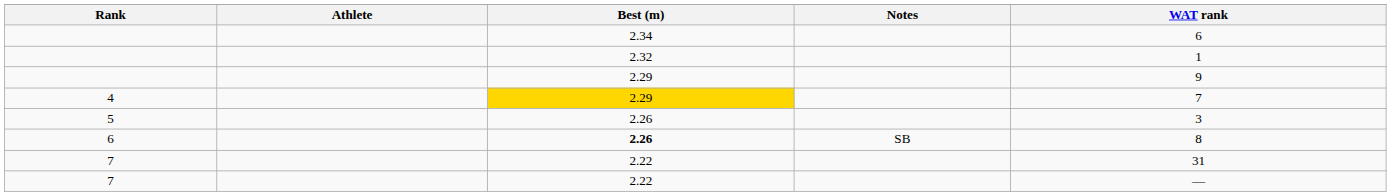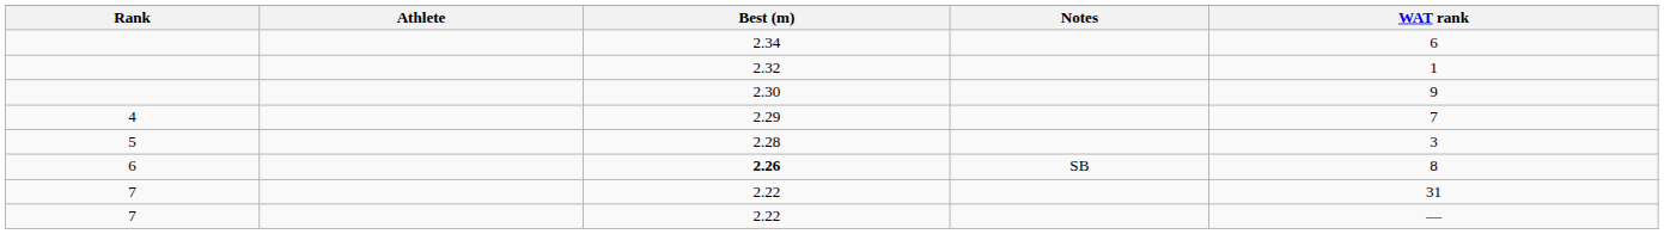 <table class="wikitable" width=85%>
 <tr>
 </tr>
 <tr>
 <th>Rank</th>
 <th>Athlete</th>
 <th>Best (m)</th>
 <th>Notes</th>
 <th><a href='#'>WAT</a> rank</th>
 </tr>
 <tr align="center">
 <td></td>
 <td align="left"></td>
 <td>2.34</td>
 <td></td>
 <td>6</td>
 </tr>
 <tr align="center">
 <td></td>
 <td align="left"></td>
 <td>2.32</td>
 <td></td>
 <td>1</td>
 </tr>
 <tr align="center">
 <td></td>
 <td align="left"></td>
-<td>2.29</td>
+<td>2.30</td>
 <td></td>
 <td>9</td>
 </tr>
 <tr align="center">
 <td>4</td>
 <td align="left"></td>
-<td style="background: gold;">2.29</td>
+<td>2.29</td>
 <td></td>
 <td>7</td>
 </tr>
 <tr align="center">
 <td>5</td>
 <td align="left"></td>
-<td>2.26</td>
+<td>2.28</td>
 <td></td>
 <td>3</td>
 </tr>
 <tr align="center">
 <td>6</td>
 <td align="left"></td>
 <td><strong>2.26</strong></td>
 <td>SB</td>
 <td>8</td>
 </tr>
 <tr align="center">
 <td>7</td>
 <td align="left"></td>
 <td>2.22</td>
 <td></td>
 <td>31</td>
 </tr>
 <tr align="center">
 <td>7</td>
 <td align="left"></td>
 <td>2.22</td>
 <td></td>
 <td>—</td>
 </tr>
 </table>
